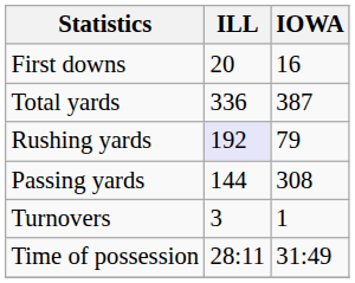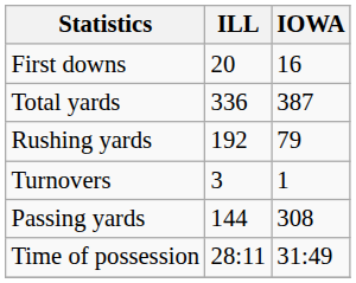 <table class="wikitable">
 <tr>
 <th>Statistics</th>
 <th>ILL</th>
 <th>IOWA</th>
 </tr>
 <tr>
 <td>First downs</td>
 <td>20</td>
 <td>16</td>
 </tr>
 <tr>
 <td>Total yards</td>
 <td>336</td>
 <td>387</td>
 </tr>
 <tr>
 <td>Rushing yards</td>
-<td style="background: lavender;">192</td>
+<td>192</td>
 <td>79</td>
+</tr>
+<tr>
+<td>Turnovers</td>
+<td>3</td>
+<td>1</td>
 </tr>
 <tr>
 <td>Passing yards</td>
 <td>144</td>
 <td>308</td>
-</tr>
-<tr>
-<td>Turnovers</td>
-<td>3</td>
-<td>1</td>
 </tr>
 <tr>
 <td>Time of possession</td>
 <td>28:11</td>
 <td>31:49</td>
 </tr>
 <tr>
 </tr>
 </table>
